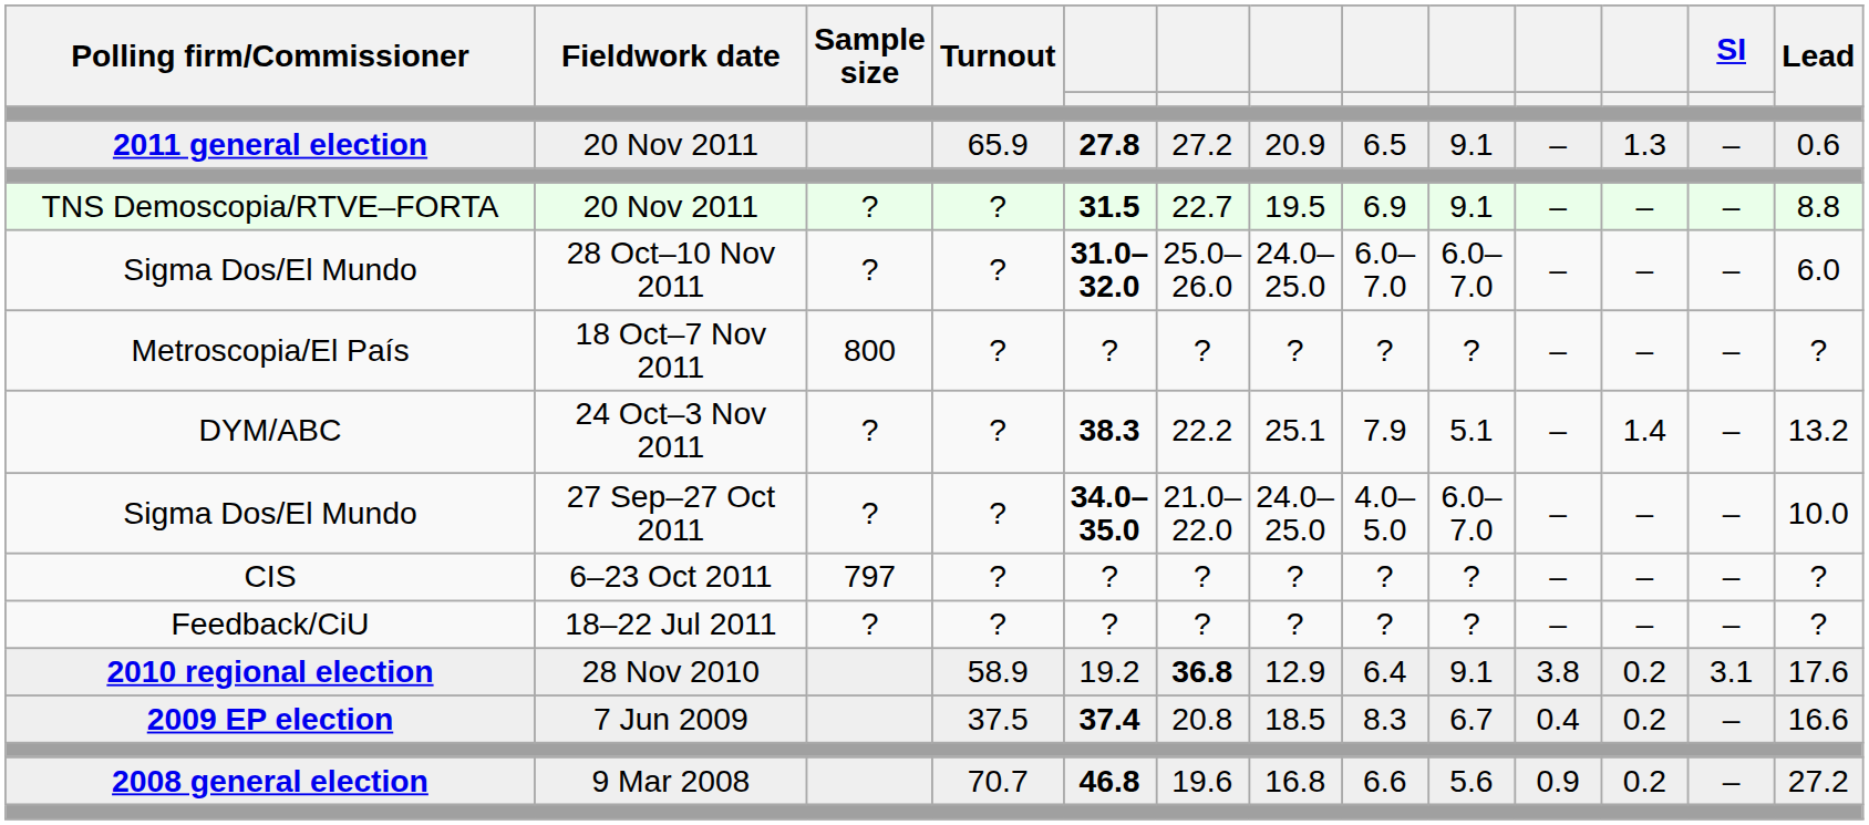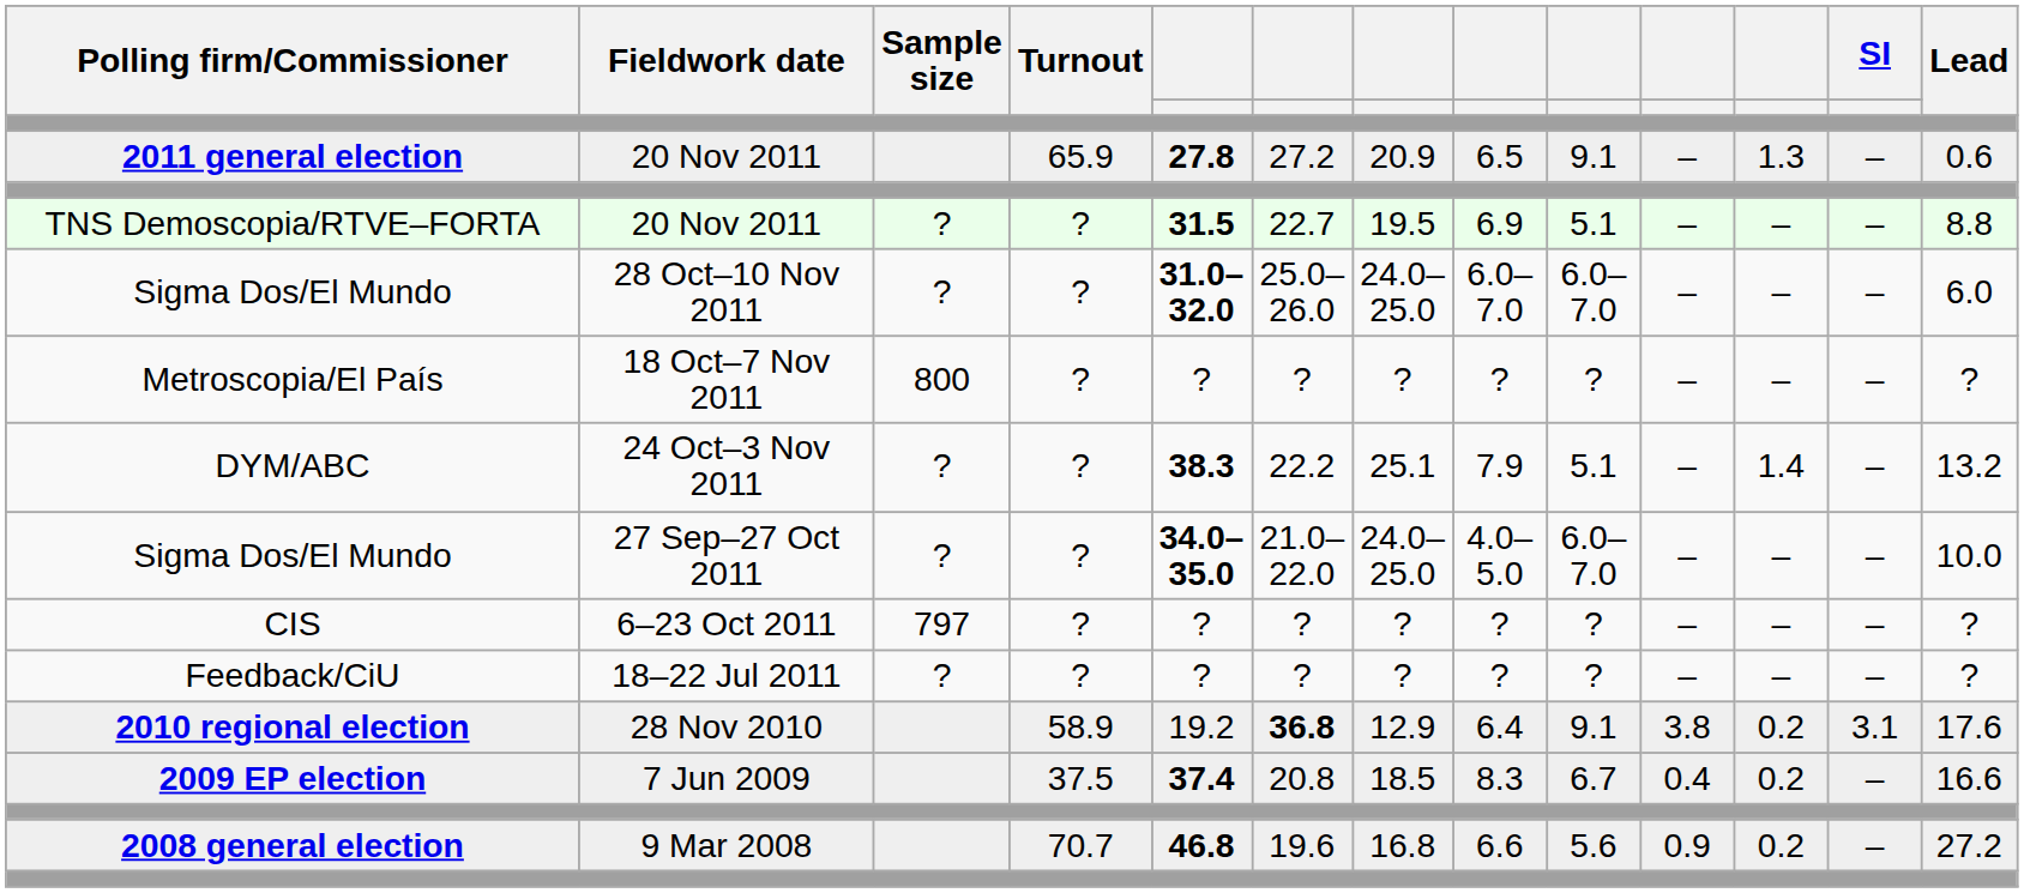 <table class="wikitable collapsible collapsed" style="text-align:center; font-size:95%; line-height:16px;">
 <tr style="height:42px;">
 <th style="width:250px;" rowspan="2">Polling firm/Commissioner</th>
 <th style="width:125px;" rowspan="2">Fieldwork date</th>
 <th style="width:50px;" rowspan="2">Sample size</th>
 <th style="width:45px;" rowspan="2">Turnout</th>
 <th style="width:35px;"></th>
 <th style="width:35px;"></th>
 <th style="width:35px;"></th>
 <th style="width:35px;"></th>
 <th style="width:35px;"></th>
 <th style="width:35px;"></th>
 <th style="width:35px;"></th>
 <th style="width:35px;"><a href='#'>SI</a></th>
 <th style="width:30px;" rowspan="2">Lead</th>
 </tr>
 <tr>
 <th style="color:inherit;background:"></th>
 <th style="color:inherit;background:"></th>
 <th style="color:inherit;background:"></th>
 <th style="color:inherit;background:"></th>
 <th style="color:inherit;background:"></th>
 <th style="color:inherit;background:"></th>
 <th style="color:inherit;background:"></th>
 <th style="color:inherit;background:"></th>
 </tr>
 <tr>
 <td colspan="13" style="background:#A0A0A0"></td>
 </tr>
 <tr style="background:#EFEFEF;">
 <td><strong><a href='#'>2011 general election</a></strong></td>
 <td>20 Nov 2011</td>
 <td></td>
 <td>65.9</td>
 <td><strong>27.8</strong><br></td>
 <td>27.2<br></td>
 <td>20.9<br></td>
 <td>6.5<br></td>
 <td>9.1<br></td>
 <td>–</td>
 <td>1.3<br></td>
 <td>–</td>
 <td style="background:">0.6</td>
 </tr>
 <tr>
 <td colspan="13" style="background:#A0A0A0"></td>
 </tr>
 <tr style="background:#EAFFEA;">
 <td>TNS Demoscopia/RTVE–FORTA</td>
 <td>20 Nov 2011</td>
 <td>?</td>
 <td>?</td>
 <td><strong>31.5</strong><br></td>
 <td>22.7<br></td>
 <td>19.5<br></td>
 <td>6.9<br></td>
-<td>9.1<br></td>
+<td>5.1<br></td>
 <td>–</td>
 <td>–</td>
 <td>–</td>
 <td style="background:">8.8</td>
 </tr>
 <tr>
 <td>Sigma Dos/El Mundo</td>
 <td>28 Oct–10 Nov 2011</td>
 <td>?</td>
 <td>?</td>
 <td><strong>31.0–<br>32.0</strong><br></td>
 <td>25.0–<br>26.0<br></td>
 <td>24.0–<br>25.0<br></td>
 <td>6.0–<br>7.0<br></td>
 <td>6.0–<br>7.0<br></td>
 <td>–</td>
 <td>–</td>
 <td>–</td>
 <td style="background:">6.0</td>
 </tr>
 <tr>
 <td>Metroscopia/El País</td>
 <td>18 Oct–7 Nov 2011</td>
 <td>800</td>
 <td>?</td>
 <td>?<br></td>
 <td>?<br></td>
 <td>?<br></td>
 <td>?<br></td>
 <td>?<br></td>
 <td>–</td>
 <td>–</td>
 <td>–</td>
 <td style="background:">?</td>
 </tr>
 <tr>
 <td>DYM/ABC</td>
 <td>24 Oct–3 Nov 2011</td>
 <td>?</td>
 <td>?</td>
 <td><strong>38.3</strong><br></td>
 <td>22.2<br></td>
 <td>25.1<br></td>
 <td>7.9<br></td>
 <td>5.1<br></td>
 <td>–</td>
 <td>1.4<br></td>
 <td>–</td>
 <td style="background:">13.2</td>
 </tr>
 <tr>
 <td>Sigma Dos/El Mundo</td>
 <td>27 Sep–27 Oct 2011</td>
 <td>?</td>
 <td>?</td>
 <td><strong>34.0–<br>35.0</strong><br></td>
 <td>21.0–<br>22.0<br></td>
 <td>24.0–<br>25.0<br></td>
 <td>4.0–<br>5.0<br></td>
 <td>6.0–<br>7.0<br></td>
 <td>–</td>
 <td>–</td>
 <td>–</td>
 <td style="background:">10.0</td>
 </tr>
 <tr>
 <td>CIS</td>
 <td>6–23 Oct 2011</td>
 <td>797</td>
 <td>?</td>
 <td>?<br></td>
 <td>?<br></td>
 <td>?<br></td>
 <td>?<br></td>
 <td>?<br></td>
 <td>–</td>
 <td>–</td>
 <td>–</td>
 <td style="background:">?</td>
 </tr>
 <tr>
 <td>Feedback/CiU</td>
 <td>18–22 Jul 2011</td>
 <td>?</td>
 <td>?</td>
 <td>?<br></td>
 <td>?<br></td>
 <td>?<br></td>
 <td>?<br></td>
 <td>?<br></td>
 <td>–</td>
 <td>–</td>
 <td>–</td>
 <td style="background:">?</td>
 </tr>
 <tr style="background:#EFEFEF;">
 <td><strong><a href='#'>2010 regional election</a></strong></td>
 <td>28 Nov 2010</td>
 <td></td>
 <td>58.9</td>
 <td>19.2<br></td>
 <td><strong>36.8</strong><br></td>
 <td>12.9<br></td>
 <td>6.4<br></td>
 <td>9.1<br></td>
 <td>3.8<br></td>
 <td>0.2<br></td>
 <td>3.1<br></td>
 <td style="background:">17.6</td>
 </tr>
 <tr style="background:#EFEFEF;">
 <td><strong><a href='#'>2009 EP election</a></strong></td>
 <td>7 Jun 2009</td>
 <td></td>
 <td>37.5</td>
 <td><strong>37.4</strong><br></td>
 <td>20.8<br></td>
 <td>18.5<br></td>
 <td>8.3<br></td>
 <td>6.7<br></td>
 <td>0.4<br></td>
 <td>0.2<br></td>
 <td>–</td>
 <td style="background:">16.6</td>
 </tr>
 <tr>
 <td colspan="13" style="background:#A0A0A0"></td>
 </tr>
 <tr style="background:#EFEFEF;">
 <td><strong><a href='#'>2008 general election</a></strong></td>
 <td>9 Mar 2008</td>
 <td></td>
 <td>70.7</td>
 <td><strong>46.8</strong><br></td>
 <td>19.6<br></td>
 <td>16.8<br></td>
 <td>6.6<br></td>
 <td>5.6<br></td>
 <td>0.9<br></td>
 <td>0.2<br></td>
 <td>–</td>
 <td style="background:">27.2</td>
 </tr>
 <tr>
 <td colspan="13" style="background:#A0A0A0"></td>
 </tr>
 </table>
